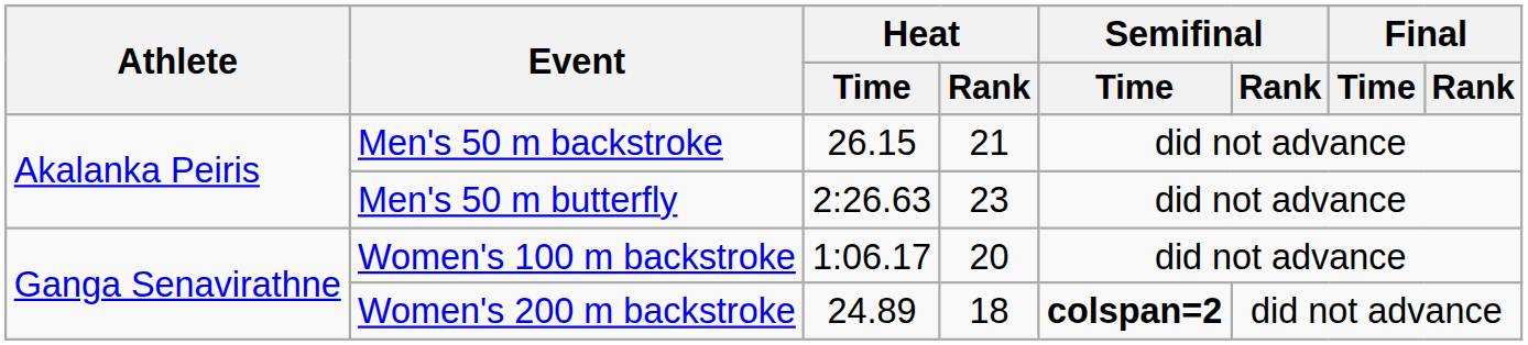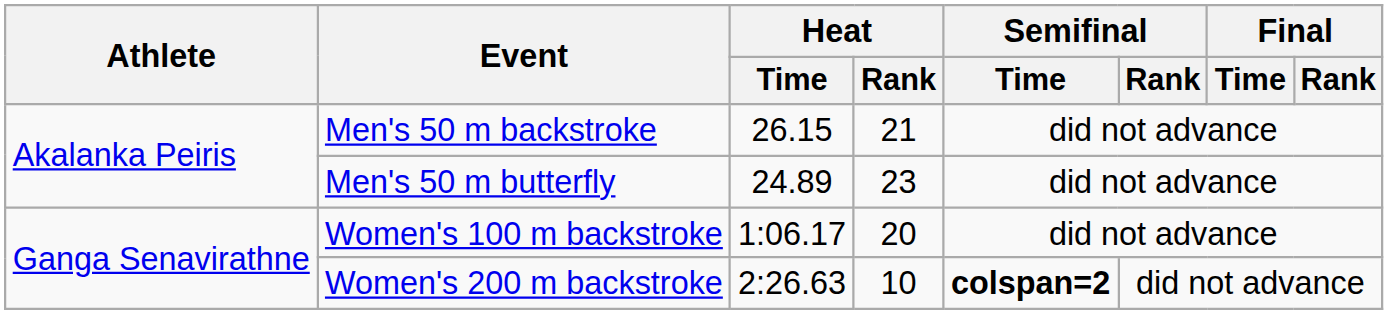 <table class=wikitable style=font-size:90%>
 <tr>
 <th rowspan=2>Athlete</th>
 <th rowspan=2>Event</th>
 <th colspan=2>Heat</th>
 <th colspan=2>Semifinal</th>
 <th colspan=2>Final</th>
 </tr>
 <tr style=font-size:95%>
 <th>Time</th>
 <th>Rank</th>
 <th>Time</th>
 <th>Rank</th>
 <th>Time</th>
 <th>Rank</th>
 </tr>
 <tr align=center>
 <td align=left rowspan=2><a href='#'>Akalanka Peiris</a></td>
 <td align=left><a href='#'>Men's 50 m backstroke</a></td>
 <td>26.15</td>
 <td>21</td>
 <td colspan="4">did not advance</td>
 </tr>
 <tr align=center>
 <td align=left><a href='#'>Men's 50 m butterfly</a></td>
-<td>2:26.63</td>
+<td>24.89</td>
 <td>23</td>
 <td colspan=4>did not advance</td>
 </tr>
 <tr align=center>
 <td align=left rowspan=2><a href='#'>Ganga Senavirathne</a></td>
 <td align=left><a href='#'>Women's 100 m backstroke</a></td>
 <td>1:06.17</td>
 <td>20</td>
 <td colspan=4>did not advance</td>
 </tr>
 <tr align=center>
 <td align=left><a href='#'>Women's 200 m backstroke</a></td>
-<td>24.89</td>
-<td>18</td>
+<td>2:26.63</td>
+<td>10</td>
 <td><strong>colspan=2 </strong></td>
 <td colspan=4>did not advance</td>
 </tr>
 </table>
